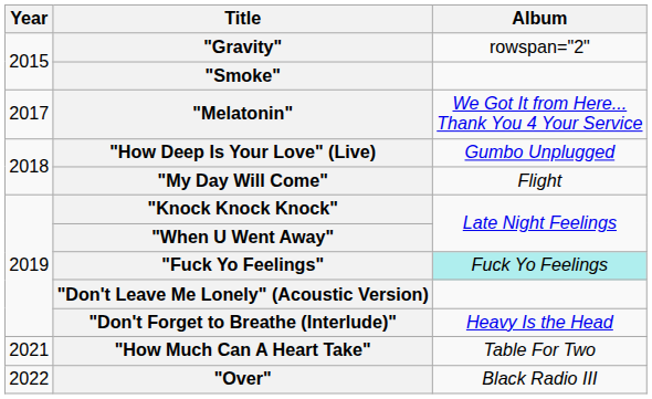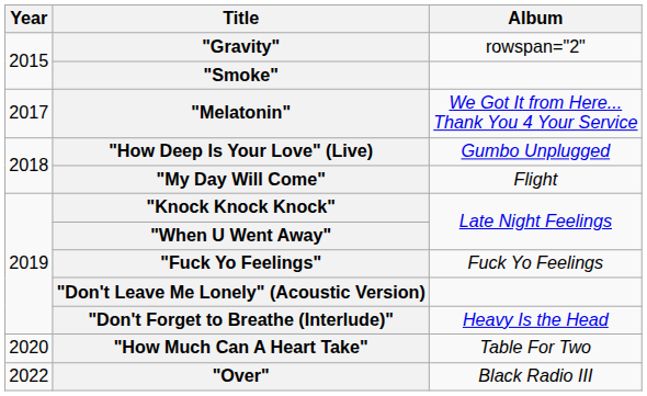 <table class="wikitable plainrowheaders" style="text-align:center;">
 <tr>
 <th scope="col">Year</th>
 <th scope="col">Title</th>
 <th scope="col">Album</th>
 </tr>
 <tr>
 <td rowspan="2">2015</td>
 <th scope="row">"Gravity"<br></th>
 <td>rowspan="2" </td>
 </tr>
 <tr>
 <th scope="row">"Smoke"<br></th>
 </tr>
 <tr>
 <td>2017</td>
 <th scope="row">"Melatonin"<br></th>
 <td><em><a href='#'>We Got It from Here...<br>Thank You 4 Your Service</a></em></td>
 </tr>
 <tr>
 <td rowspan="2">2018</td>
 <th scope="row">"How Deep Is Your Love" (Live)<br></th>
 <td><em><a href='#'>Gumbo Unplugged</a></em></td>
 </tr>
 <tr>
 <th scope="row">"My Day Will Come"<br></th>
 <td><em>Flight</em></td>
 </tr>
 <tr>
 <td rowspan="5">2019</td>
 <th scope="row">"Knock Knock Knock"<br></th>
 <td rowspan="2"><em><a href='#'>Late Night Feelings</a></em></td>
 </tr>
 <tr>
 <th scope="row">"When U Went Away"<br></th>
 </tr>
 <tr>
 <th scope="row">"Fuck Yo Feelings"<br></th>
-<td style="background: paleturquoise;"><em>Fuck Yo Feelings</em></td>
+<td><em>Fuck Yo Feelings</em></td>
 </tr>
 <tr>
 <th scope="row">"Don't Leave Me Lonely" (Acoustic Version)<br></th>
 <td></td>
 </tr>
 <tr>
 <th scope="row">"Don't Forget to Breathe (Interlude)"<br></th>
 <td><em><a href='#'>Heavy Is the Head</a></em></td>
 </tr>
 <tr>
-<td>2021</td>
+<td>2020</td>
 <th scope="row">"How Much Can A Heart Take"<br></th>
 <td><em>Table For Two</em></td>
 </tr>
 <tr>
 <td>2022</td>
 <th scope="row">"Over"<br></th>
 <td><em>Black Radio III</em></td>
 </tr>
 </table>
